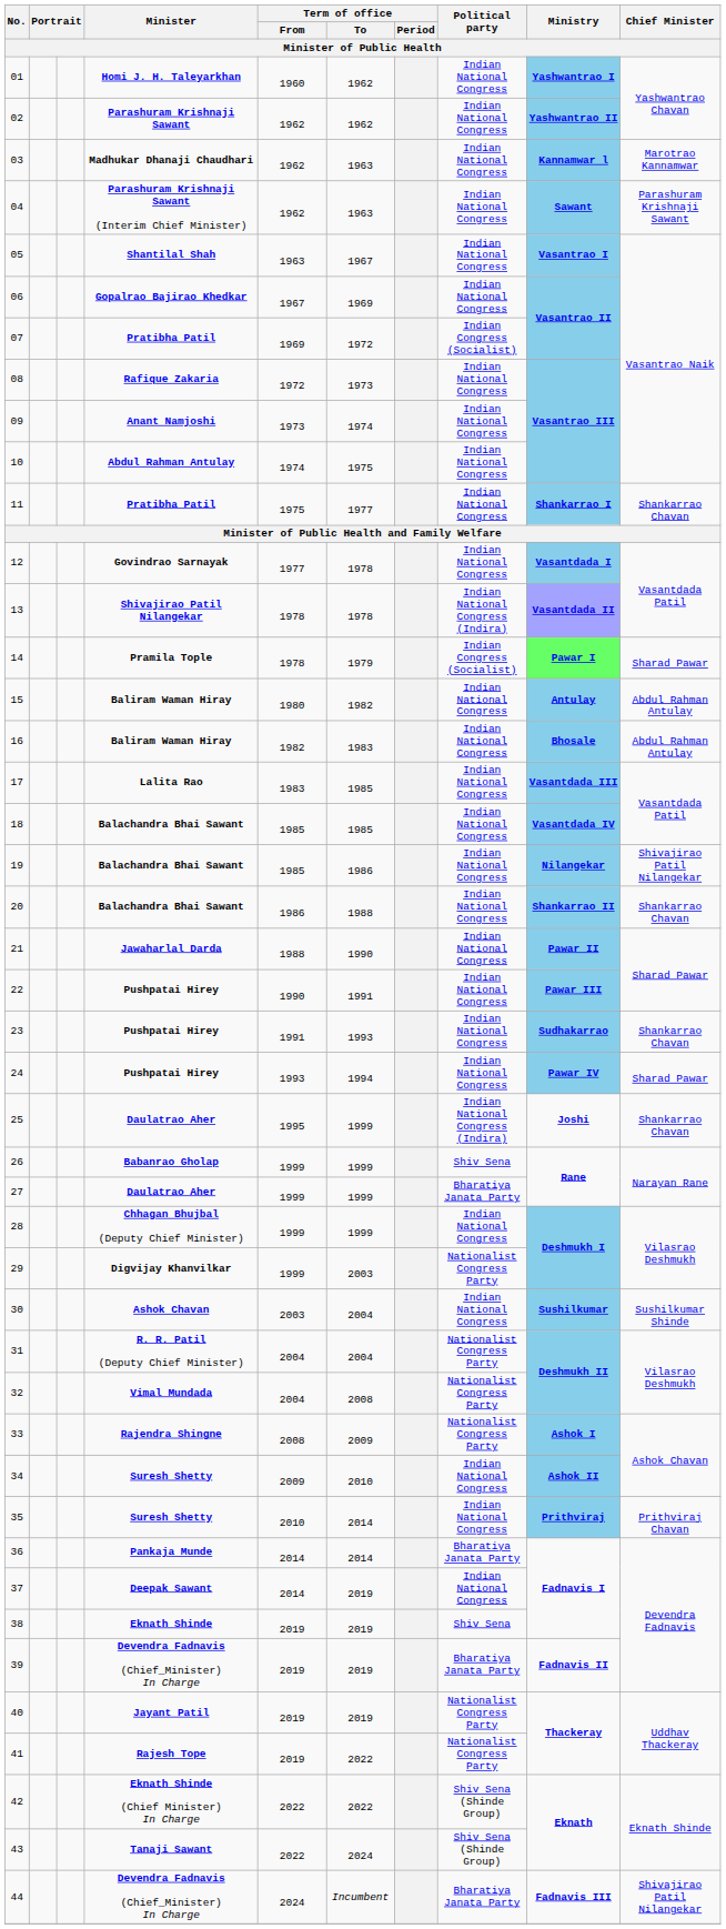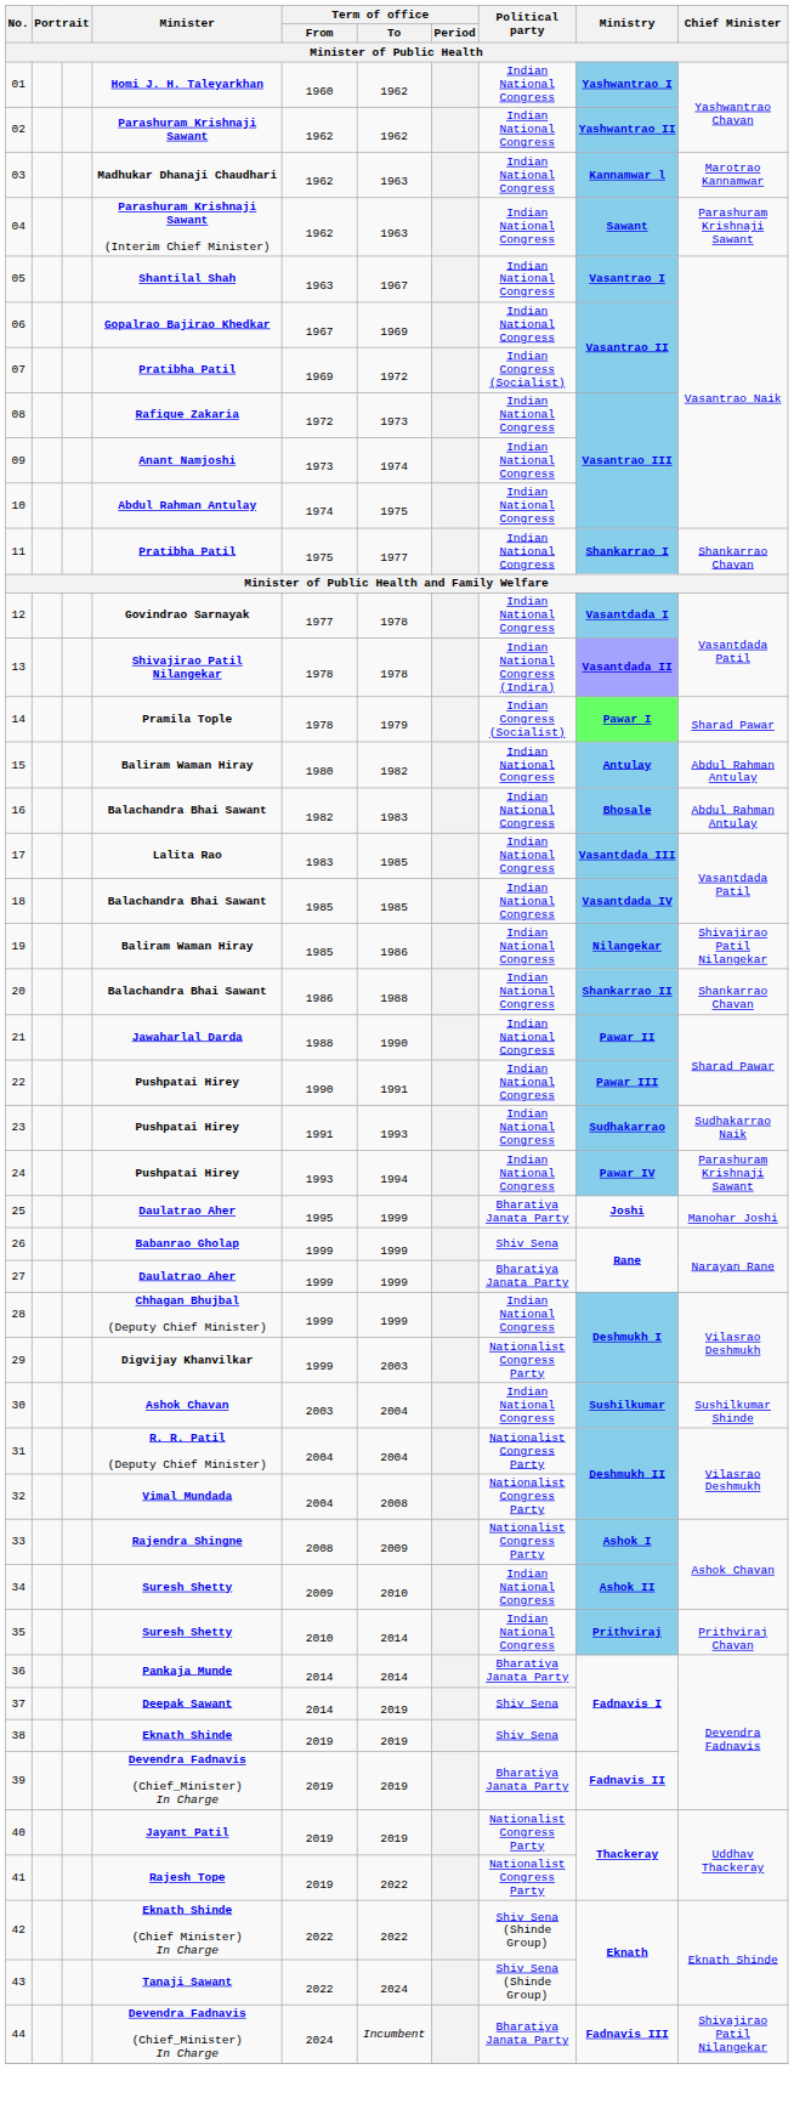 <table class="wikitable" style="text-align:center">
 <tr>
 <th rowspan="2">No.</th>
 <th rowspan="2" colspan="2">Portrait</th>
 <th rowspan="2" style="width:16em">Minister<br></th>
 <th colspan="3">Term of office</th>
 <th rowspan="2" style="width:8em">Political party</th>
 <th rowspan="2">Ministry</th>
 <th rowspan="2" style="width:9em">Chief Minister</th>
 </tr>
 <tr>
 <th style="width:6em">From</th>
 <th style="width:6em">To</th>
 <th>Period</th>
 </tr>
 <tr>
 <th colspan="10">Minister of Public Health</th>
 </tr>
 <tr>
 <td>01</td>
 <td style="color:inherit;background:"></td>
 <td></td>
 <td><strong><a href='#'>Homi J. H. Taleyarkhan</a></strong> <br> </td>
 <td><br>1960</td>
 <td><br>1962</td>
 <th></th>
 <td><a href='#'>Indian National Congress</a></td>
 <td bgcolor="#87CEEB"><a href='#'><strong>Yashwantrao I</strong></a></td>
 <td rowspan="2"> <br><a href='#'>Yashwantrao Chavan</a></td>
 </tr>
 <tr>
 <td>02</td>
 <td style="color:inherit;background:"></td>
 <td></td>
 <td><strong><a href='#'>Parashuram Krishnaji Sawant</a></strong> <br> </td>
 <td><br>1962</td>
 <td><br>1962</td>
 <th></th>
 <td><a href='#'>Indian National Congress</a></td>
 <td bgcolor="#87CEEB"><a href='#'><strong>Yashwantrao II</strong></a></td>
 </tr>
 <tr>
 <td>03</td>
 <td style="color:inherit;background:"></td>
 <td></td>
 <td><strong>Madhukar Dhanaji Chaudhari</strong> <br> </td>
 <td><br>1962</td>
 <td><br>1963</td>
 <th></th>
 <td><a href='#'>Indian National Congress</a></td>
 <td bgcolor="#87CEEB"><a href='#'><strong>Kannamwar l</strong></a></td>
 <td><a href='#'>Marotrao Kannamwar</a></td>
 </tr>
 <tr>
 <td>04</td>
 <td style="color:inherit;background:"></td>
 <td></td>
 <td><strong><a href='#'>Parashuram Krishnaji Sawant</a></strong> <br>  <br>(Interim Chief Minister)</td>
 <td><br>1962</td>
 <td><br>1963</td>
 <th></th>
 <td><a href='#'>Indian National Congress</a></td>
 <td bgcolor="#87CEEB"><a href='#'><strong>Sawant</strong></a></td>
 <td><a href='#'>Parashuram Krishnaji Sawant</a></td>
 </tr>
 <tr>
 <td>05</td>
 <td style="color:inherit;background:"></td>
 <td></td>
 <td><strong><a href='#'>Shantilal Shah</a></strong> <br> </td>
 <td><br>1963</td>
 <td><br>1967</td>
 <th></th>
 <td><a href='#'>Indian National Congress</a></td>
 <td bgcolor="#87CEEB"><a href='#'><strong>Vasantrao I</strong></a></td>
 <td rowspan="6"><br><a href='#'>Vasantrao Naik</a></td>
 </tr>
 <tr>
 <td>06</td>
 <td style="color:inherit;background:"></td>
 <td></td>
 <td><strong><a href='#'>Gopalrao Bajirao Khedkar</a></strong> <br> </td>
 <td><br>1967</td>
 <td><br>1969</td>
 <th></th>
 <td><a href='#'>Indian National Congress</a></td>
 <td rowspan="2" bgcolor="#87CEEB"><a href='#'><strong>Vasantrao II</strong></a></td>
 </tr>
 <tr>
 <td>07</td>
 <td style="color:inherit;background:"></td>
 <td></td>
 <td><strong><a href='#'>Pratibha Patil</a></strong>  <br> </td>
 <td><br>1969</td>
 <td><br>1972</td>
 <th></th>
 <td><a href='#'>Indian Congress (Socialist)</a></td>
 </tr>
 <tr>
 <td>08</td>
 <td style="color:inherit;background:"></td>
 <td></td>
 <td><strong><a href='#'>Rafique Zakaria</a></strong> <br> </td>
 <td><br>1972</td>
 <td><br>1973</td>
 <th></th>
 <td><a href='#'>Indian National Congress</a></td>
 <td rowspan="3" bgcolor="#87CEEB"><a href='#'><strong>Vasantrao III</strong></a></td>
 </tr>
 <tr>
 <td>09</td>
 <td style="color:inherit;background:"></td>
 <td></td>
 <td><strong><a href='#'>Anant Namjoshi</a></strong> <br> </td>
 <td><br>1973</td>
 <td><br>1974</td>
 <th></th>
 <td><a href='#'>Indian National Congress</a></td>
 </tr>
 <tr>
 <td>10</td>
 <td style="color:inherit;background:"></td>
 <td></td>
 <td><strong><a href='#'>Abdul Rahman Antulay</a></strong> <br> </td>
 <td><br>1974</td>
 <td><br>1975</td>
 <th></th>
 <td><a href='#'>Indian National Congress</a></td>
 </tr>
 <tr>
 <td>11</td>
 <td style="color:inherit;background:"></td>
 <td></td>
 <td><strong><a href='#'>Pratibha Patil</a></strong>  <br> </td>
 <td><br>1975</td>
 <td><br>1977</td>
 <th></th>
 <td><a href='#'>Indian National Congress</a></td>
 <td rowspan="1" bgcolor="#87CEEB"><a href='#'><strong>Shankarrao I</strong></a></td>
 <td rowspan="1"><br><a href='#'>Shankarrao Chavan</a></td>
 </tr>
 <tr>
 <th colspan="10">Minister of Public Health and Family Welfare</th>
 </tr>
 <tr>
 <td>12</td>
 <td style="color:inherit;background:"></td>
 <td></td>
 <td><strong>Govindrao Sarnayak</strong> <br> </td>
 <td><br>1977</td>
 <td><br>1978</td>
 <th></th>
 <td><a href='#'>Indian National Congress</a></td>
 <td rowspan="1" bgcolor="#88CEEB"><a href='#'><strong>Vasantdada I</strong></a></td>
 <td rowspan="2"><br><a href='#'>Vasantdada Patil</a></td>
 </tr>
 <tr>
 <td>13</td>
 <td style="color:inherit;background:"></td>
 <td></td>
 <td><strong><a href='#'>Shivajirao Patil Nilangekar</a></strong> <br> </td>
 <td><br>1978</td>
 <td><br>1978</td>
 <th></th>
 <td><a href='#'>Indian National Congress (Indira)</a></td>
 <td rowspan="1" bgcolor="#A3A3FF"><a href='#'><strong>Vasantdada II</strong></a></td>
 </tr>
 <tr>
 <td>14</td>
 <td style="color:inherit;background:"></td>
 <td></td>
 <td><strong>Pramila Tople</strong>  <br> </td>
 <td><br>1978</td>
 <td><br>1979</td>
 <th></th>
 <td><a href='#'>Indian Congress (Socialist)</a></td>
 <td rowspan="1" bgcolor="#66FF66"><a href='#'><strong>Pawar I</strong></a></td>
 <td rowspan="1"><br><a href='#'>Sharad Pawar</a></td>
 </tr>
 <tr>
 <td>15</td>
 <td style="color:inherit;background:"></td>
 <td></td>
 <td><strong>Baliram Waman Hiray</strong> <br> </td>
 <td><br>1980</td>
 <td><br>1982</td>
 <th></th>
 <td><a href='#'>Indian National Congress</a></td>
 <td rowspan="1" bgcolor="#87CEEB"><a href='#'><strong>Antulay</strong></a></td>
 <td rowspan="1"> <br><a href='#'>Abdul Rahman Antulay</a></td>
 </tr>
 <tr>
 <td>16</td>
 <td style="color:inherit;background:"></td>
 <td></td>
-<td><strong>Baliram Waman Hiray</strong> <br> </td>
+<td><strong>Balachandra Bhai Sawant</strong> <br> </td>
 <td><br>1982</td>
 <td><br>1983</td>
 <th></th>
 <td><a href='#'>Indian National Congress</a></td>
 <td rowspan="1" bgcolor="#87CEEB"><a href='#'><strong>Bhosale</strong></a></td>
 <td rowspan="1"> <br><a href='#'>Abdul Rahman Antulay</a></td>
 </tr>
 <tr>
 <td>17</td>
 <td style="color:inherit;background:"></td>
 <td></td>
 <td><strong>Lalita Rao</strong> <br> </td>
 <td><br>1983</td>
 <td><br>1985</td>
 <th></th>
 <td><a href='#'>Indian National Congress</a></td>
 <td rowspan="1" bgcolor="#87CEEB"><a href='#'><strong>Vasantdada III</strong></a></td>
 <td rowspan="2"><br><a href='#'>Vasantdada Patil</a></td>
 </tr>
 <tr>
 <td>18</td>
 <td style="color:inherit;background:"></td>
 <td></td>
 <td><strong>Balachandra Bhai Sawant</strong> <br> </td>
 <td><br>1985</td>
 <td><br>1985</td>
 <th></th>
 <td><a href='#'>Indian National Congress</a></td>
 <td rowspan="1" bgcolor="#87CEEB"><a href='#'><strong>Vasantdada IV</strong></a></td>
 </tr>
 <tr>
 <td>19</td>
 <td style="color:inherit;background:"></td>
 <td></td>
-<td><strong>Balachandra Bhai Sawant</strong> <br> </td>
+<td><strong>Baliram Waman Hiray</strong> <br> </td>
 <td><br>1985</td>
 <td><br>1986</td>
 <th></th>
 <td><a href='#'>Indian National Congress</a></td>
 <td rowspan="1" bgcolor="#87CEEB"><a href='#'><strong>Nilangekar</strong></a></td>
 <td rowspan="1"><a href='#'>Shivajirao Patil Nilangekar</a></td>
 </tr>
 <tr>
 <td>20</td>
 <td style="color:inherit;background:"></td>
 <td></td>
 <td><strong>Balachandra Bhai Sawant</strong> <br> </td>
 <td><br>1986</td>
 <td><br>1988</td>
 <th></th>
 <td><a href='#'>Indian National Congress</a></td>
 <td rowspan="1"bgcolor="#87CEEB"><a href='#'><strong>Shankarrao II</strong></a></td>
 <td rowspan="1"> <br><a href='#'>Shankarrao Chavan</a></td>
 </tr>
 <tr>
 <td>21</td>
 <td style="color:inherit;background:"></td>
 <td></td>
 <td><strong><a href='#'>Jawaharlal Darda</a></strong> <br> </td>
 <td><br>1988</td>
 <td><br>1990</td>
 <th></th>
 <td><a href='#'>Indian National Congress</a></td>
 <td rowspan="1" bgcolor="#87CEEB"><a href='#'><strong>Pawar II</strong></a></td>
 <td rowspan="2"> <br><a href='#'>Sharad Pawar</a></td>
 </tr>
 <tr>
 <td>22</td>
 <td style="color:inherit;background:"></td>
 <td></td>
 <td><strong>Pushpatai Hirey</strong> <br> </td>
 <td><br>1990</td>
 <td><br>1991</td>
 <th></th>
 <td><a href='#'>Indian National Congress</a></td>
 <td rowspan="1" bgcolor="#87CEEB"><a href='#'><strong>Pawar III</strong></a></td>
 </tr>
 <tr>
 <td>23</td>
 <td style="color:inherit;background:"></td>
 <td></td>
 <td><strong>Pushpatai Hirey</strong> <br> </td>
 <td><br>1991</td>
 <td><br>1993</td>
 <th></th>
 <td><a href='#'>Indian National Congress</a></td>
 <td rowspan="1" bgcolor="#87CEEB"><a href='#'><strong>Sudhakarrao</strong></a></td>
-<td rowspan="1"><br><a href='#'>Shankarrao Chavan</a></td>
+<td rowspan="1"><a href='#'>Sudhakarrao Naik</a></td>
 </tr>
 <tr>
 <td>24</td>
 <td style="color:inherit;background:"></td>
 <td></td>
 <td><strong>Pushpatai Hirey</strong> <br> </td>
 <td><br>1993</td>
 <td><br>1994</td>
 <th></th>
 <td><a href='#'>Indian National Congress</a></td>
 <td rowspan="1" bgcolor="#87CEEB"><a href='#'><strong>Pawar IV</strong></a></td>
-<td rowspan="1"> <br><a href='#'>Sharad Pawar</a></td>
+<td><a href='#'>Parashuram Krishnaji Sawant</a></td>
 </tr>
 <tr>
 <td>25</td>
 <td style="color:inherit;background:"></td>
 <td></td>
 <td><strong><a href='#'>Daulatrao Aher</a></strong> <br> </td>
 <td><br>1995</td>
 <td><br>1999</td>
 <th></th>
-<td><a href='#'>Indian National Congress (Indira)</a></td>
+<td><a href='#'>Bharatiya Janata Party</a></td>
 <td rowspan="1"><a href='#'><strong>Joshi</strong></a></td>
-<td rowspan="1"><br><a href='#'>Shankarrao Chavan</a></td>
+<td rowspan="1"> <br><a href='#'>Manohar Joshi</a></td>
 </tr>
 <tr>
 <td>26</td>
 <td style="color:inherit;background:"></td>
 <td></td>
 <td><strong><a href='#'>Babanrao Gholap</a></strong> <br> </td>
 <td><br>1999</td>
 <td><br>1999</td>
 <th></th>
 <td><a href='#'>Shiv Sena</a></td>
 <td rowspan="2"><a href='#'><strong>Rane</strong></a></td>
 <td rowspan="2"> <br><a href='#'>Narayan Rane</a></td>
 </tr>
 <tr>
 <td>27</td>
 <td style="color:inherit;background:"></td>
 <td></td>
 <td><strong><a href='#'>Daulatrao Aher</a></strong>  <br> </td>
 <td><br>1999</td>
 <td><br>1999</td>
 <th></th>
 <td><a href='#'>Bharatiya Janata Party</a></td>
 </tr>
 <tr>
 <td>28</td>
 <td style="color:inherit;background:"></td>
 <td></td>
 <td><strong><a href='#'>Chhagan Bhujbal</a></strong> <br> <br>(Deputy Chief Minister)</td>
 <td><br>1999</td>
 <td><br>1999</td>
 <th></th>
 <td><a href='#'>Indian National Congress</a></td>
 <td rowspan="2" bgcolor="#87CEEB"><a href='#'><strong>Deshmukh I</strong></a></td>
 <td rowspan="2"> <br><a href='#'>Vilasrao Deshmukh</a></td>
 </tr>
 <tr>
 <td>29</td>
 <td style="color:inherit;background:"></td>
 <td></td>
 <td><strong>Digvijay Khanvilkar</strong> <br> </td>
 <td><br>1999</td>
 <td><br>2003</td>
 <th></th>
 <td><a href='#'>Nationalist Congress Party</a></td>
 </tr>
 <tr>
 <td>30</td>
 <td style="color:inherit;background:"></td>
 <td></td>
 <td><strong><a href='#'>Ashok Chavan</a></strong> <br> </td>
 <td><br>2003</td>
 <td><br>2004</td>
 <th></th>
 <td><a href='#'>Indian National Congress</a></td>
 <td rowspan="1" bgcolor="#87CEEB"><a href='#'><strong>Sushilkumar</strong></a></td>
 <td rowspan="1"> <br><a href='#'>Sushilkumar Shinde</a></td>
 </tr>
 <tr>
 <td>31</td>
 <td style="color:inherit;background:"></td>
 <td></td>
 <td><strong><a href='#'>R. R. Patil</a></strong> <br> <br> (Deputy Chief Minister)</td>
 <td><br>2004</td>
 <td><br>2004</td>
 <th></th>
 <td><a href='#'>Nationalist Congress Party</a></td>
 <td rowspan="2" bgcolor="#87CEEB"><a href='#'><strong>Deshmukh II</strong></a></td>
 <td rowspan="2"> <br><a href='#'>Vilasrao Deshmukh</a></td>
 </tr>
 <tr>
 <td>32</td>
 <td style="color:inherit;background:"></td>
 <td></td>
 <td><strong><a href='#'>Vimal Mundada</a></strong> <br> </td>
 <td><br>2004</td>
 <td><br>2008</td>
 <th></th>
 <td><a href='#'>Nationalist Congress Party</a></td>
 </tr>
 <tr>
 <td>33</td>
 <td style="color:inherit;background:"></td>
 <td></td>
 <td><strong><a href='#'>Rajendra Shingne</a></strong> <br> </td>
 <td><br>2008</td>
 <td><br>2009</td>
 <th></th>
 <td><a href='#'>Nationalist Congress Party</a></td>
 <td rowspan="1" bgcolor="#87CEEB"><a href='#'><strong>Ashok I</strong></a></td>
 <td rowspan="2"><br><a href='#'>Ashok Chavan</a></td>
 </tr>
 <tr>
 <td>34</td>
 <td style="color:inherit;background:"></td>
 <td></td>
 <td><strong><a href='#'>Suresh Shetty</a></strong>  <br> </td>
 <td><br>2009</td>
 <td><br>2010</td>
 <th></th>
 <td><a href='#'>Indian National Congress</a></td>
 <td rowspan="1"bgcolor="#87CEEB"><a href='#'><strong>Ashok II</strong></a></td>
 </tr>
 <tr>
 <td>35</td>
 <td style="color:inherit;background:"></td>
 <td></td>
 <td><strong><a href='#'>Suresh Shetty</a></strong> <br> </td>
 <td><br>2010</td>
 <td><br>2014</td>
 <th></th>
 <td><a href='#'>Indian National Congress</a></td>
 <td rowspan="1" bgcolor="#87CEEB"><a href='#'><strong>Prithviraj</strong></a></td>
 <td rowspan="1"><br><a href='#'>Prithviraj Chavan</a></td>
 </tr>
 <tr>
 <td>36</td>
 <td style="color:inherit;background:"></td>
 <td></td>
 <td><strong><a href='#'>Pankaja Munde</a></strong> <br> </td>
 <td><br>2014</td>
 <td><br>2014</td>
 <th></th>
 <td rowspan="1"><a href='#'>Bharatiya Janata Party</a></td>
 <td rowspan="3"><a href='#'><strong>Fadnavis I</strong></a></td>
 <td rowspan="4"> <br><a href='#'>Devendra Fadnavis</a></td>
 </tr>
 <tr>
 <td>37</td>
 <td style="color:inherit;background:"></td>
 <td></td>
 <td><strong><a href='#'>Deepak Sawant</a></strong>  <br> </td>
 <td><br>2014</td>
 <td><br>2019</td>
 <th></th>
-<td><a href='#'>Indian National Congress</a></td>
+<td rowspan="1"><a href='#'>Shiv Sena</a></td>
 </tr>
 <tr>
 <td>38</td>
 <td style="color:inherit;background:"></td>
 <td></td>
 <td><strong><a href='#'>Eknath Shinde</a></strong> <br> </td>
 <td><br>2019</td>
 <td><br>2019</td>
 <th></th>
 <td rowspan="1"><a href='#'>Shiv Sena</a></td>
 </tr>
 <tr>
 <td>39</td>
 <td style="color:inherit;background:"></td>
 <td></td>
 <td><strong><a href='#'>Devendra Fadnavis</a></strong>  <br> <br>(Chief_Minister) <br><em>In Charge</em></td>
 <td><br>2019</td>
 <td><br>2019</td>
 <th></th>
 <td><a href='#'>Bharatiya Janata Party</a></td>
 <td rowspan="1"><a href='#'><strong>Fadnavis II</strong></a></td>
 </tr>
 <tr>
 <td>40</td>
 <td style="color:inherit;background:"></td>
 <td></td>
 <td><strong><a href='#'>Jayant Patil</a></strong> <br> </td>
 <td><br>2019</td>
 <td><br>2019</td>
 <th></th>
 <td><a href='#'>Nationalist Congress Party</a></td>
 <td rowspan="2"><a href='#'><strong>Thackeray</strong></a></td>
 <td rowspan="2"> <br><a href='#'>Uddhav Thackeray</a></td>
 </tr>
 <tr>
 <td>41</td>
 <td style="color:inherit;background:"></td>
 <td></td>
 <td><strong><a href='#'>Rajesh Tope</a></strong> <br> </td>
 <td><br>2019</td>
 <td><br>2022</td>
 <th></th>
 <td><a href='#'>Nationalist Congress Party</a></td>
 </tr>
 <tr>
 <td>42</td>
 <td style="color:inherit;background:"></td>
 <td></td>
 <td><strong><a href='#'>Eknath Shinde</a></strong> <br>  <br>(Chief Minister)<br><em>In Charge</em></td>
 <td><br>2022</td>
 <td><br>2022</td>
 <th></th>
 <td><a href='#'>Shiv Sena</a> (Shinde Group)</td>
 <td rowspan="2"><a href='#'><strong>Eknath</strong></a></td>
 <td rowspan="2"> <br><a href='#'>Eknath Shinde</a></td>
 </tr>
 <tr>
 <td>43</td>
 <td style="color:inherit;background:"></td>
 <td></td>
 <td><strong><a href='#'>Tanaji Sawant</a></strong> <br> </td>
 <td><br>2022</td>
 <td><br>2024</td>
 <th></th>
 <td><a href='#'>Shiv Sena</a> (Shinde Group)</td>
 </tr>
 <tr>
 <td>44</td>
 <td style="color:inherit;background:"></td>
 <td></td>
 <td><strong><a href='#'>Devendra Fadnavis</a></strong>  <br> <br>(Chief_Minister) <br><em>In Charge</em></td>
 <td><br>2024</td>
 <td><em>Incumbent</em></td>
 <th></th>
 <td><a href='#'>Bharatiya Janata Party</a></td>
 <td rowspan="1"><a href='#'><strong>Fadnavis III</strong></a></td>
 <td rowspan="1"><a href='#'>Shivajirao Patil Nilangekar</a></td>
 </tr>
 <tr>
 </tr>
 </table>
